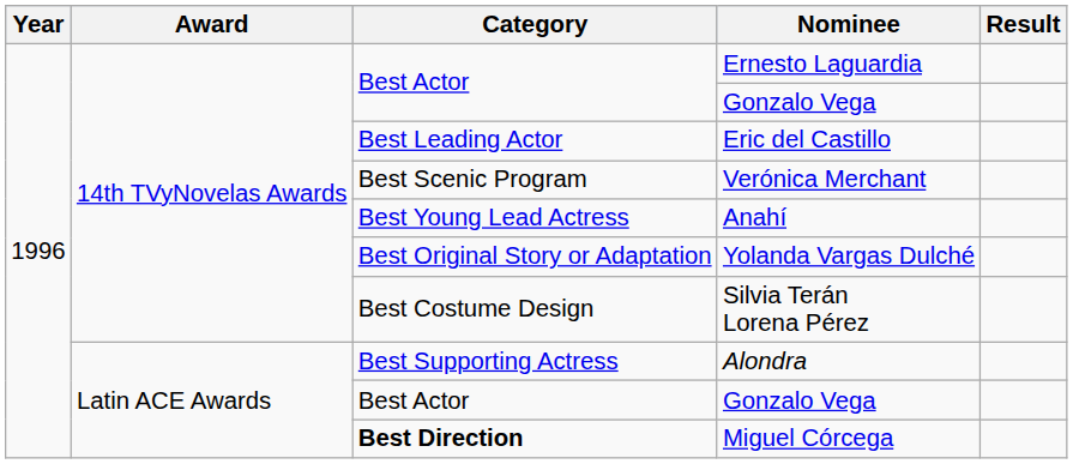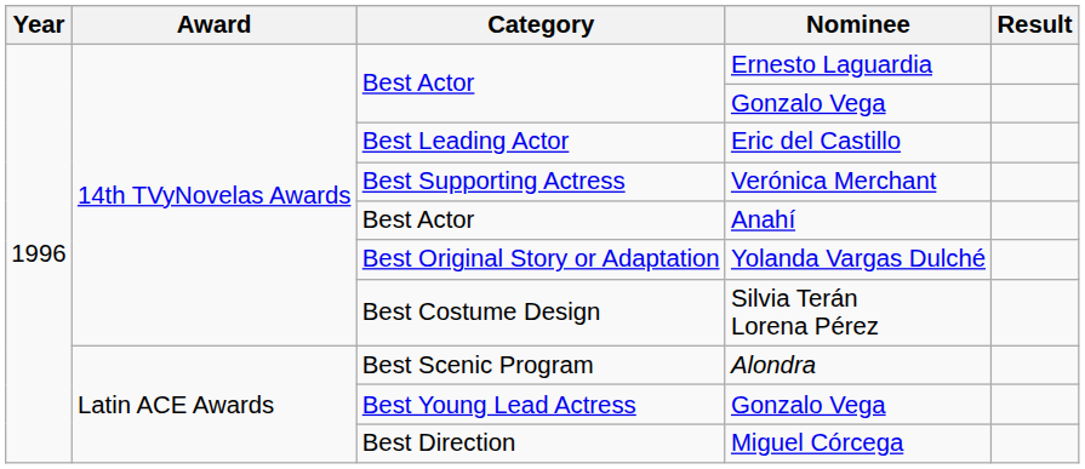 <table class="wikitable">
 <tr style="background:#b0c4de;">
 <th>Year</th>
 <th>Award</th>
 <th>Category</th>
 <th>Nominee</th>
 <th>Result</th>
 </tr>
 <tr>
 <td rowspan=10>1996</td>
 <td rowspan=7><a href='#'>14th TVyNovelas Awards</a></td>
 <td rowspan=2><a href='#'>Best Actor</a></td>
 <td><a href='#'>Ernesto Laguardia</a></td>
 <td></td>
 </tr>
 <tr>
 <td><a href='#'>Gonzalo Vega</a></td>
 <td></td>
 </tr>
 <tr>
 <td><a href='#'>Best Leading Actor</a></td>
 <td><a href='#'>Eric del Castillo</a></td>
 <td></td>
 </tr>
 <tr>
-<td>Best Scenic Program</td>
+<td><a href='#'>Best Supporting Actress</a></td>
 <td><a href='#'>Verónica Merchant</a></td>
 <td></td>
 </tr>
 <tr>
-<td><a href='#'>Best Young Lead Actress</a></td>
+<td>Best Actor</td>
 <td><a href='#'>Anahí</a></td>
 <td></td>
 </tr>
 <tr>
 <td><a href='#'>Best Original Story or Adaptation</a></td>
 <td><a href='#'>Yolanda Vargas Dulché</a></td>
 <td></td>
 </tr>
 <tr>
 <td>Best Costume Design</td>
 <td>Silvia Terán <br> Lorena Pérez</td>
 <td></td>
 </tr>
 <tr>
 <td rowspan=3>Latin ACE Awards</td>
-<td><a href='#'>Best Supporting Actress</a></td>
+<td>Best Scenic Program</td>
 <td><em>Alondra</em></td>
 <td></td>
 </tr>
 <tr>
-<td>Best Actor</td>
+<td><a href='#'>Best Young Lead Actress</a></td>
 <td><a href='#'>Gonzalo Vega</a></td>
 <td></td>
 </tr>
 <tr>
-<td><strong>Best Direction</strong></td>
+<td>Best Direction</td>
 <td><a href='#'>Miguel Córcega</a></td>
 <td></td>
 </tr>
 </table>
